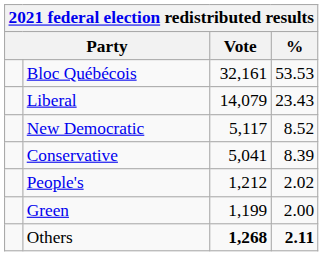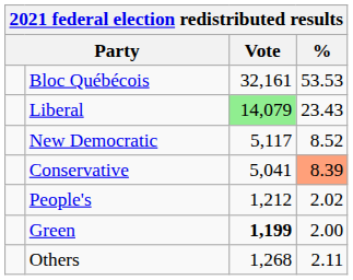 <table class="wikitable">
 <tr>
 <th colspan="4"><a href='#'>2021 federal election</a> redistributed results</th>
 </tr>
 <tr>
 <th bgcolor="#DDDDFF" width="130px" colspan="2">Party</th>
 <th bgcolor="#DDDDFF" width="50px">Vote</th>
 <th bgcolor="#DDDDFF" width="30px">%</th>
 </tr>
 <tr>
 <td> </td>
 <td><a href='#'>Bloc Québécois</a></td>
 <td align=right>32,161</td>
 <td align=right>53.53</td>
 </tr>
 <tr>
 <td> </td>
 <td><a href='#'>Liberal</a></td>
-<td align=right>14,079</td>
+<td align=right style="background: lightgreen;">14,079</td>
 <td align=right>23.43</td>
 </tr>
 <tr>
 <td> </td>
 <td><a href='#'>New Democratic</a></td>
 <td align=right>5,117</td>
 <td align=right>8.52</td>
 </tr>
 <tr>
 <td> </td>
 <td><a href='#'>Conservative</a></td>
 <td align=right>5,041</td>
-<td align=right>8.39</td>
+<td align=right style="background: lightsalmon;">8.39</td>
 </tr>
 <tr>
 <td> </td>
 <td><a href='#'>People's</a></td>
 <td align=right>1,212</td>
 <td align=right>2.02</td>
 </tr>
 <tr>
 <td> </td>
 <td><a href='#'>Green</a></td>
-<td align=right>1,199</td>
+<td align=right><strong>1,199</strong></td>
 <td align=right>2.00</td>
 </tr>
 <tr>
 <td> </td>
 <td>Others</td>
-<td align=right><strong>1,268</strong></td>
-<td align=right><strong>2.11</strong></td>
+<td align=right>1,268</td>
+<td align=right>2.11</td>
 </tr>
 </table>
